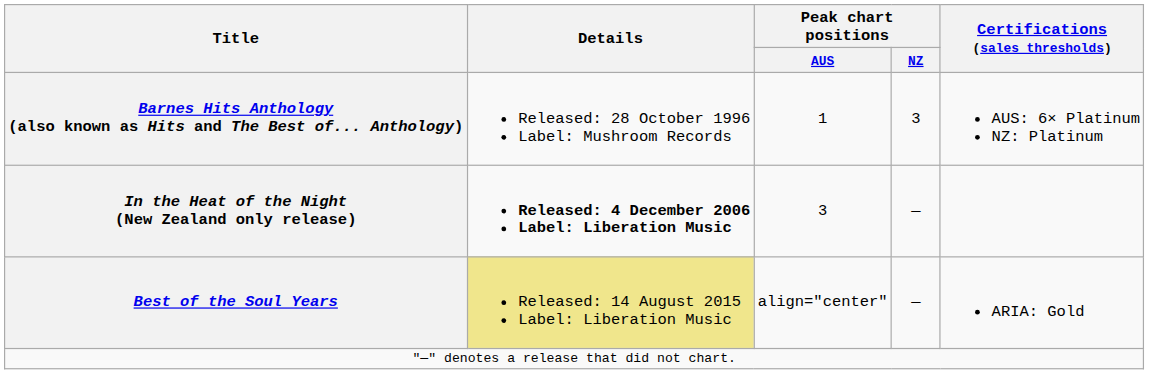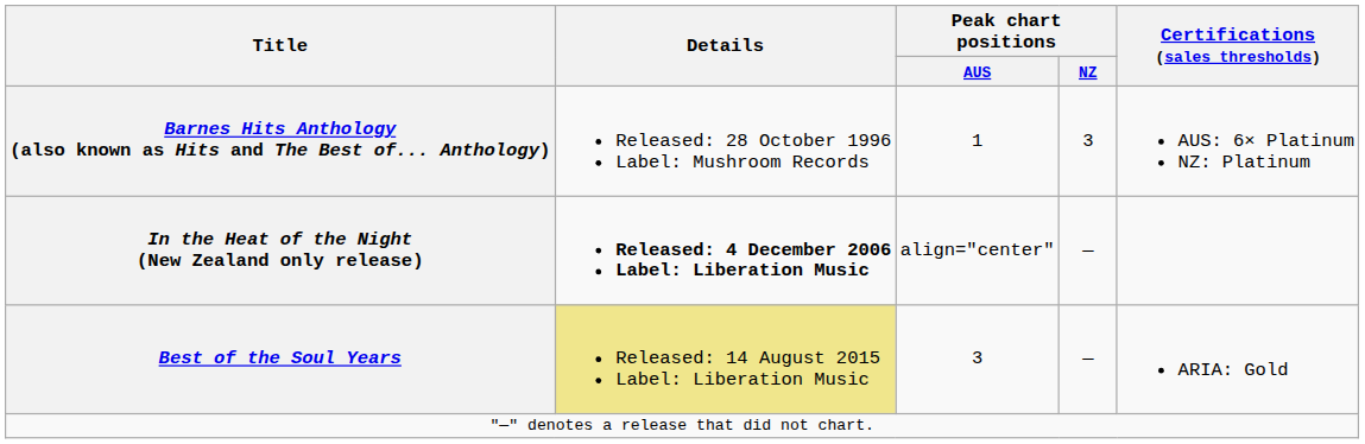 <table class="wikitable plainrowheaders">
 <tr>
 <th scope="col" rowspan="2">Title</th>
 <th scope="col" rowspan="2">Details</th>
 <th scope="col" colspan="2">Peak chart positions</th>
 <th scope="col" rowspan="2"><a href='#'>Certifications</a><br><small>(<a href='#'>sales thresholds</a>)</small></th>
 </tr>
 <tr>
 <th scope="col" width="35"><small><a href='#'>AUS</a></small><br></th>
 <th scope="col" width="35"><small><a href='#'>NZ</a></small><br></th>
 </tr>
 <tr>
 <th scope="row"><em><a href='#'>Barnes Hits Anthology</a></em> <br> (also known as <em>Hits</em> and <em>The Best of... Anthology</em>)</th>
 <td><br><ul><li>Released: 28 October 1996</li><li>Label: Mushroom Records</li></ul></td>
 <td align="center">1</td>
 <td align="center">3</td>
 <td><br><ul><li>AUS: 6× Platinum</li><li>NZ: Platinum</li></ul></td>
 </tr>
 <tr>
 <th scope="row"><em>In the Heat of the Night</em> <br>(New Zealand only release)</th>
 <td><strong><br><ul><li>Released: 4 December 2006</li><li>Label: Liberation Music</li></ul></strong></td>
-<td align="center">3</td>
+<td>align="center" </td>
 <td align="center">—</td>
 <td></td>
 </tr>
 <tr>
 <th scope="row"><em><a href='#'>Best of the Soul Years</a></em></th>
 <td style="background: khaki;"><br><ul><li>Released: 14 August 2015</li><li>Label: Liberation Music</li></ul></td>
-<td>align="center" </td>
+<td align="center">3</td>
 <td align="center">—</td>
 <td><br><ul><li>ARIA: Gold</li></ul></td>
 </tr>
 <tr>
 <td align="center" colspan="13" style="font-size: 85%">"—" denotes a release that did not chart.</td>
 </tr>
 </table>
